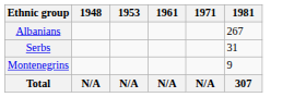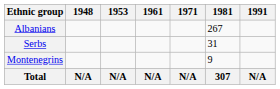 <table class="wikitable" border="1">
 <tr>
 <th>Ethnic group</th>
 <th style=width:3em>1948</th>
 <th style=width:3em>1953</th>
 <th style=width:3em>1961</th>
 <th style=width:3em>1971</th>
 <th style=width:3em>1981</th>
+<th style=width:3em>1991</th>
 </tr>
 <tr>
 <th style=font-weight:300><a href='#'>Albanians</a></th>
 <td></td>
 <td></td>
 <td></td>
 <td></td>
 <td>267</td>
+<td></td>
 </tr>
 <tr>
 <th style=font-weight:300><a href='#'>Serbs</a></th>
 <td></td>
 <td></td>
 <td></td>
 <td></td>
 <td>31</td>
+<td></td>
 </tr>
 <tr>
 <th style=font-weight:300><a href='#'>Montenegrins</a></th>
 <td></td>
 <td></td>
 <td></td>
 <td></td>
 <td>9</td>
+<td></td>
 </tr>
 <tr>
 <th>Total</th>
 <th>N/A</th>
 <th>N/A</th>
 <th>N/A</th>
 <th>N/A</th>
 <th>307</th>
+<th>N/A</th>
 </tr>
 </table>
